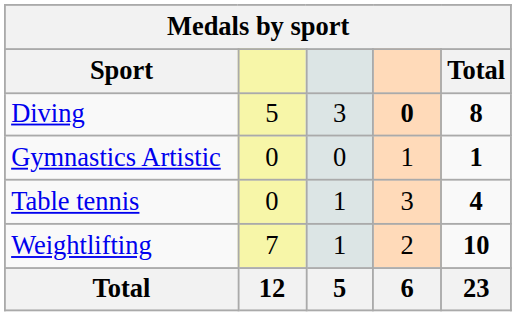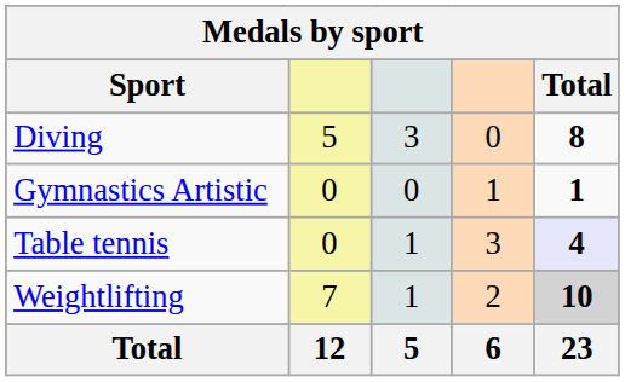 <table class="wikitable" style="font-size:90%; text-align:center;">
 <tr>
 <th colspan=5>Medals by sport</th>
 </tr>
 <tr>
 <th width=120>Sport</th>
 <th scope="col" width=30 style="background:#F7F6A8;"></th>
 <th scope="col" width=30 style="background:#DCE5E5;"></th>
 <th scope="col" width=30 style="background:#FFDAB9;"></th>
 <th width=30>Total</th>
 </tr>
 <tr>
 <td align=left><a href='#'>Diving</a></td>
 <td style="background:#F7F6A8;">5</td>
 <td style="background:#DCE5E5;">3</td>
-<td style="background:#FFDAB9;"><strong>0</strong></td>
+<td style="background:#FFDAB9;">0</td>
 <td><strong>8</strong></td>
 </tr>
 <tr>
 <td align=left><a href='#'>Gymnastics Artistic</a></td>
 <td style="background:#F7F6A8;">0</td>
 <td style="background:#DCE5E5;">0</td>
 <td style="background:#FFDAB9;">1</td>
 <td><strong>1</strong></td>
 </tr>
 <tr>
 <td align=left><a href='#'>Table tennis</a></td>
 <td style="background:#F7F6A8;">0</td>
 <td style="background:#DCE5E5;">1</td>
 <td style="background:#FFDAB9;">3</td>
-<td><strong>4</strong></td>
+<td style="background: lavender;"><strong>4</strong></td>
 </tr>
 <tr>
 <td align=left><a href='#'>Weightlifting</a></td>
 <td style="background:#F7F6A8;">7</td>
 <td style="background:#DCE5E5;">1</td>
 <td style="background:#FFDAB9;">2</td>
-<td><strong>10</strong></td>
+<td style="background: lightgrey;"><strong>10</strong></td>
 </tr>
 <tr class="sortbottom">
 <th>Total</th>
 <th>12</th>
 <th>5</th>
 <th>6</th>
 <th>23</th>
 </tr>
 </table>
